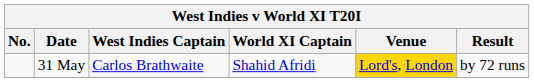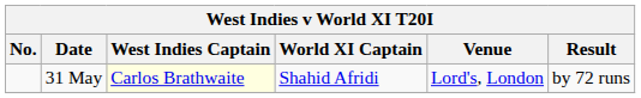 <table class="wikitable">
 <tr>
 <th colspan="9">West Indies v World XI T20I</th>
 </tr>
 <tr>
 <th>No.</th>
 <th>Date</th>
 <th>West Indies Captain</th>
 <th>World XI Captain</th>
 <th>Venue</th>
 <th>Result</th>
 </tr>
 <tr>
 <td></td>
 <td>31 May</td>
-<td><a href='#'>Carlos Brathwaite</a></td>
+<td style="background: lightyellow;"><a href='#'>Carlos Brathwaite</a></td>
 <td><a href='#'>Shahid Afridi</a></td>
-<td style="background: gold;"><a href='#'>Lord's</a>, <a href='#'>London</a></td>
+<td><a href='#'>Lord's</a>, <a href='#'>London</a></td>
 <td> by 72 runs</td>
 </tr>
 <tr>
 </tr>
 </table>
